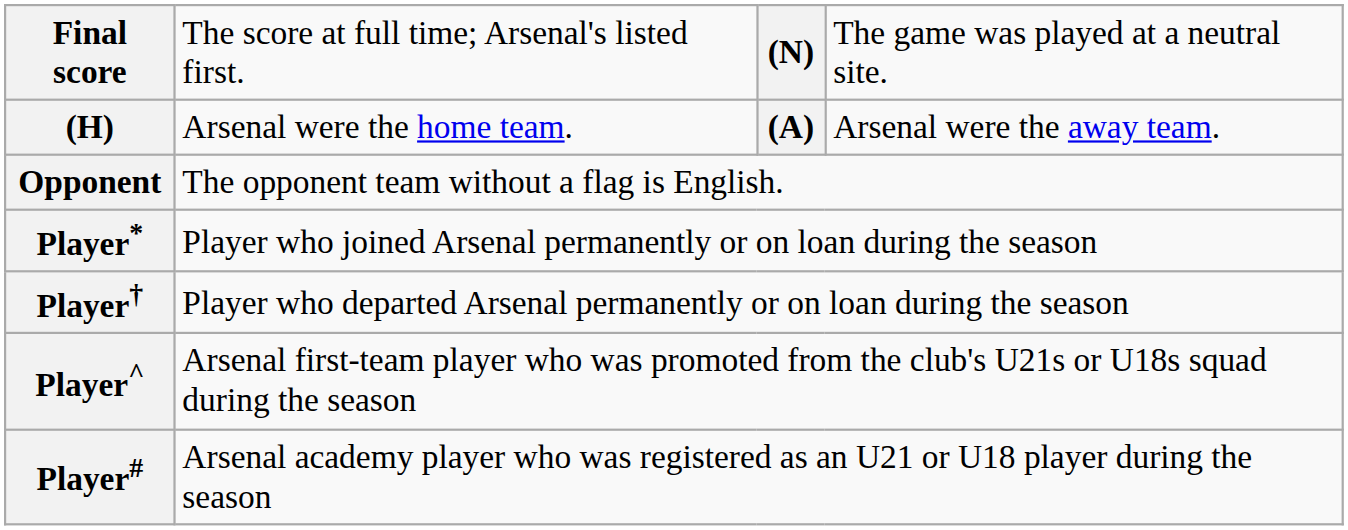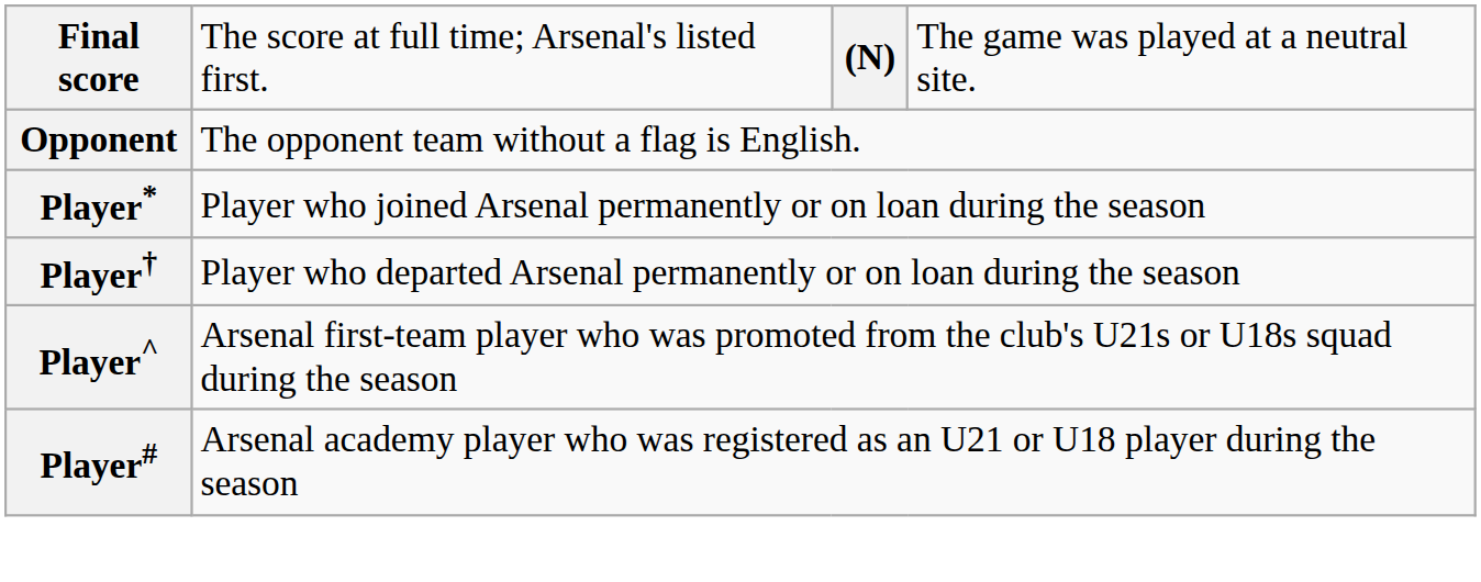 <table class="wikitable" style="font-size:95%;">
 <tr>
 <th>Final score</th>
 <td>The score at full time; Arsenal's listed first.</td>
 <th>(N)</th>
 <td>The game was played at a neutral site.</td>
-</tr>
-<tr>
-<th>(H)</th>
-<td>Arsenal were the <a href='#'>home team</a>.</td>
-<th>(A)</th>
-<td>Arsenal were the <a href='#'>away team</a>.</td>
 </tr>
 <tr>
 <th>Opponent</th>
 <td colspan="3">The opponent team without a flag is English.</td>
 </tr>
 <tr>
 <th>Player<sup>*</sup></th>
 <td colspan="3">Player who joined Arsenal permanently or on loan during the season</td>
 </tr>
 <tr>
 <th>Player<sup>†</sup></th>
 <td colspan="3">Player who departed Arsenal permanently or on loan during the season</td>
 </tr>
 <tr>
 <th>Player<sup>^</sup></th>
 <td colspan="3">Arsenal first-team player who was promoted from the club's U21s or U18s squad during the season</td>
 </tr>
 <tr>
 <th>Player<sup>#</sup></th>
 <td colspan="3">Arsenal academy player who was registered as an U21 or U18 player during the season</td>
 </tr>
 </table>
